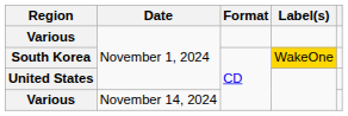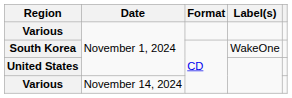 <table class="wikitable plainrowheaders">
 <tr>
 <th scope="col">Region</th>
 <th scope="col">Date</th>
 <th scope="col">Format</th>
 <th scope="col">Label(s)</th>
 <th scope="col"></th>
 </tr>
 <tr>
 <th scope="row">Various</th>
 <td rowspan="3">November 1, 2024</td>
 <td></td>
 <td></td>
 <td></td>
 </tr>
 <tr>
 <th scope="row">South Korea</th>
 <td rowspan="3"><a href='#'>CD</a></td>
-<td style="background: gold;">WakeOne</td>
+<td>WakeOne</td>
 <td></td>
 </tr>
 <tr>
 <th scope="row">United States</th>
 <td rowspan="2"></td>
 <td style="text-align:center"></td>
 </tr>
 <tr>
 <th scope="row">Various</th>
 <td>November 14, 2024</td>
 <td style="text-align:center"></td>
 </tr>
 </table>
